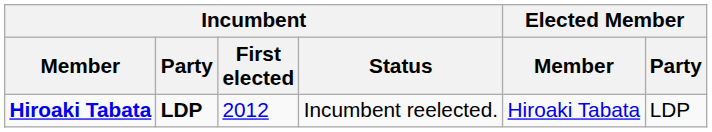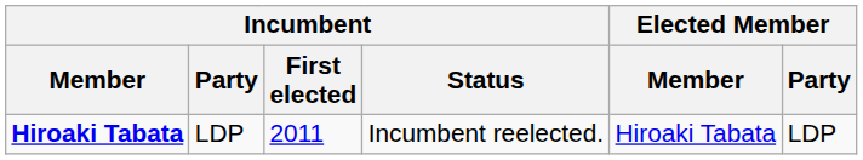 <table class="wikitable sortable">
 <tr>
 <th colspan=4>Incumbent</th>
 <th colspan=2>Elected Member</th>
 </tr>
 <tr>
 <th>Member</th>
 <th>Party</th>
 <th>First<br>elected</th>
 <th>Status</th>
 <th>Member</th>
 <th>Party</th>
 </tr>
 <tr>
 <td><strong><a href='#'>Hiroaki Tabata</a></strong></td>
-<td><strong>LDP</strong></td>
-<td><a href='#'>2012</a></td>
+<td>LDP</td>
+<td><a href='#'>2011</a></td>
 <td>Incumbent reelected.</td>
 <td><a href='#'>Hiroaki Tabata</a></td>
 <td>LDP</td>
 </tr>
 </table>
